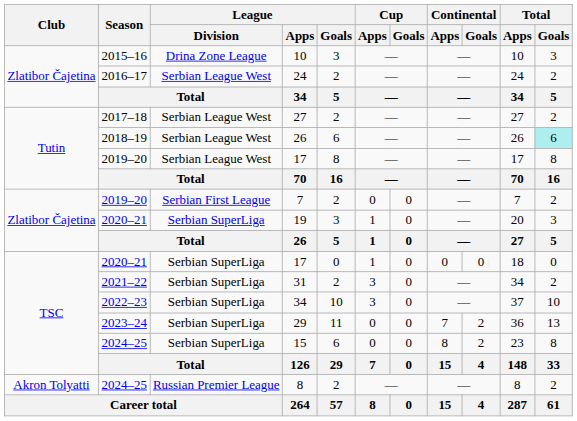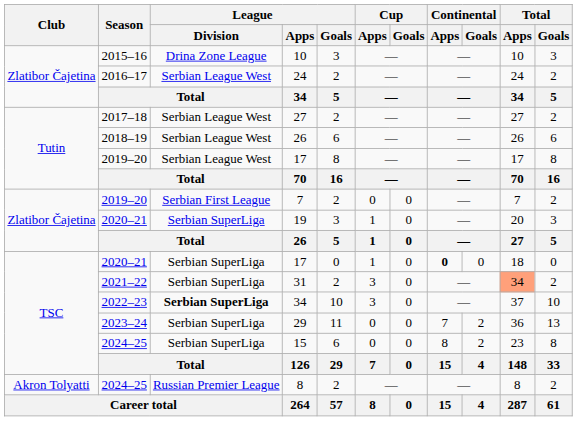 <table class="wikitable" style="text-align:center">
 <tr>
 <th rowspan="2">Club</th>
 <th rowspan="2">Season</th>
 <th colspan="3">League</th>
 <th colspan="2">Cup</th>
 <th colspan="2">Continental</th>
 <th colspan="2">Total</th>
 </tr>
 <tr>
 <th>Division</th>
 <th>Apps</th>
 <th>Goals</th>
 <th>Apps</th>
 <th>Goals</th>
 <th>Apps</th>
 <th>Goals</th>
 <th>Apps</th>
 <th>Goals</th>
 </tr>
 <tr>
 <td rowspan="3"><a href='#'>Zlatibor Čajetina</a></td>
 <td>2015–16</td>
 <td><a href='#'>Drina Zone League</a></td>
 <td>10</td>
 <td>3</td>
 <td colspan="2">—</td>
 <td colspan="2">—</td>
 <td>10</td>
 <td>3</td>
 </tr>
 <tr>
 <td>2016–17</td>
 <td><a href='#'>Serbian League West</a></td>
 <td>24</td>
 <td>2</td>
 <td colspan="2">—</td>
 <td colspan="2">—</td>
 <td>24</td>
 <td>2</td>
 </tr>
 <tr>
 <th colspan="2">Total</th>
 <th>34</th>
 <th>5</th>
 <th colspan="2">—</th>
 <th colspan="2">—</th>
 <th>34</th>
 <th>5</th>
 </tr>
 <tr>
 <td rowspan="4"><a href='#'>Tutin</a></td>
 <td>2017–18</td>
 <td>Serbian League West</td>
 <td>27</td>
 <td>2</td>
 <td colspan="2">—</td>
 <td colspan="2">—</td>
 <td>27</td>
 <td>2</td>
 </tr>
 <tr>
 <td>2018–19</td>
 <td>Serbian League West</td>
 <td>26</td>
 <td>6</td>
 <td colspan="2">—</td>
 <td colspan="2">—</td>
 <td>26</td>
-<td style="background: paleturquoise;">6</td>
+<td>6</td>
 </tr>
 <tr>
 <td>2019–20</td>
 <td>Serbian League West</td>
 <td>17</td>
 <td>8</td>
 <td colspan="2">—</td>
 <td colspan="2">—</td>
 <td>17</td>
 <td>8</td>
 </tr>
 <tr>
 <th colspan="2">Total</th>
 <th>70</th>
 <th>16</th>
 <th colspan="2">—</th>
 <th colspan="2">—</th>
 <th>70</th>
 <th>16</th>
 </tr>
 <tr>
 <td rowspan="3"><a href='#'>Zlatibor Čajetina</a></td>
 <td><a href='#'>2019–20</a></td>
 <td><a href='#'>Serbian First League</a></td>
 <td>7</td>
 <td>2</td>
 <td>0</td>
 <td>0</td>
 <td colspan="2">—</td>
 <td>7</td>
 <td>2</td>
 </tr>
 <tr>
 <td><a href='#'>2020–21</a></td>
 <td><a href='#'>Serbian SuperLiga</a></td>
 <td>19</td>
 <td>3</td>
 <td>1</td>
 <td>0</td>
 <td colspan="2">—</td>
 <td>20</td>
 <td>3</td>
 </tr>
 <tr>
 <th colspan="2">Total</th>
 <th>26</th>
 <th>5</th>
 <th>1</th>
 <th>0</th>
 <th colspan="2">—</th>
 <th>27</th>
 <th>5</th>
 </tr>
 <tr>
 <td rowspan="6"><a href='#'>TSC</a></td>
 <td><a href='#'>2020–21</a></td>
 <td>Serbian SuperLiga</td>
 <td>17</td>
 <td>0</td>
 <td>1</td>
 <td>0</td>
-<td>0</td>
+<td><strong>0</strong></td>
 <td>0</td>
 <td>18</td>
 <td>0</td>
 </tr>
 <tr>
 <td><a href='#'>2021–22</a></td>
 <td>Serbian SuperLiga</td>
 <td>31</td>
 <td>2</td>
 <td>3</td>
 <td>0</td>
 <td colspan="2">—</td>
-<td>34</td>
+<td style="background: lightsalmon;">34</td>
 <td>2</td>
 </tr>
 <tr>
 <td><a href='#'>2022–23</a></td>
-<td>Serbian SuperLiga</td>
+<td><strong>Serbian SuperLiga</strong></td>
 <td>34</td>
 <td>10</td>
 <td>3</td>
 <td>0</td>
 <td colspan="2">—</td>
 <td>37</td>
 <td>10</td>
 </tr>
 <tr>
 <td><a href='#'>2023–24</a></td>
 <td>Serbian SuperLiga</td>
 <td>29</td>
 <td>11</td>
 <td>0</td>
 <td>0</td>
 <td>7</td>
 <td>2</td>
 <td>36</td>
 <td>13</td>
 </tr>
 <tr>
 <td><a href='#'>2024–25</a></td>
 <td>Serbian SuperLiga</td>
 <td>15</td>
 <td>6</td>
 <td>0</td>
 <td>0</td>
 <td>8</td>
 <td>2</td>
 <td>23</td>
 <td>8</td>
 </tr>
 <tr>
 <th colspan="2">Total</th>
 <th>126</th>
 <th>29</th>
 <th>7</th>
 <th>0</th>
 <th>15</th>
 <th>4</th>
 <th>148</th>
 <th>33</th>
 </tr>
 <tr>
 <td><a href='#'>Akron Tolyatti</a></td>
 <td><a href='#'>2024–25</a></td>
 <td><a href='#'>Russian Premier League</a></td>
 <td>8</td>
 <td>2</td>
 <td colspan="2">—</td>
 <td colspan="2">—</td>
 <td>8</td>
 <td>2</td>
 </tr>
 <tr>
 <th colspan="3">Career total</th>
 <th>264</th>
 <th>57</th>
 <th>8</th>
 <th>0</th>
 <th>15</th>
 <th>4</th>
 <th>287</th>
 <th>61</th>
 </tr>
 </table>
